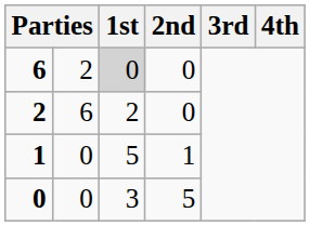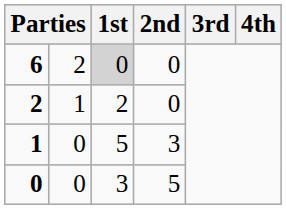 <table class="wikitable" style="text-align:right;">
 <tr>
 <th colspan=2 style="text-align:left;">Parties</th>
 <th>1st</th>
 <th>2nd</th>
 <th>3rd</th>
 <th>4th</th>
 </tr>
 <tr>
 <td><strong>6</strong></td>
 <td>2</td>
 <td style="background: lightgrey;">0</td>
 <td>0</td>
 </tr>
 <tr>
 <td><strong>2</strong></td>
-<td>6</td>
+<td>1</td>
 <td>2</td>
 <td>0</td>
 </tr>
 <tr>
 <td><strong>1</strong></td>
 <td>0</td>
 <td>5</td>
-<td>1</td>
+<td>3</td>
 </tr>
 <tr>
 <td><strong>0</strong></td>
 <td>0</td>
 <td>3</td>
 <td>5</td>
 </tr>
 </table>
